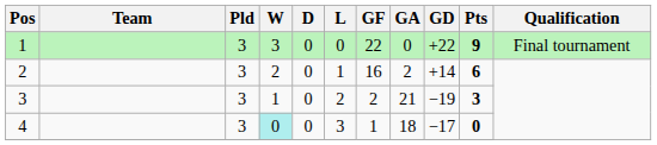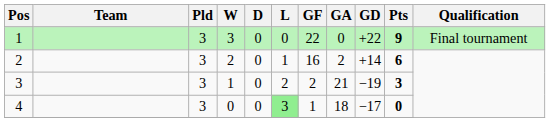 <table class="wikitable" border="1" style="text-align: center;">
 <tr>
 <th width="25"><abbr>Pos</abbr></th>
 <th width="190">Team</th>
 <th width="25"><abbr>Pld</abbr></th>
 <th width="25"><abbr>W</abbr></th>
 <th width="25"><abbr>D</abbr></th>
 <th width="25"><abbr>L</abbr></th>
 <th width="25"><abbr>GF</abbr></th>
 <th width="25"><abbr>GA</abbr></th>
 <th width="25"><abbr>GD</abbr></th>
 <th width="25"><abbr>Pts</abbr></th>
 <th width="150">Qualification</th>
 </tr>
 <tr bgcolor = #BBF3BB>
 <td>1</td>
 <td align="left"></td>
 <td>3</td>
 <td>3</td>
 <td>0</td>
 <td>0</td>
 <td>22</td>
 <td>0</td>
 <td>+22</td>
 <td><strong>9</strong></td>
 <td>Final tournament</td>
 </tr>
 <tr>
 <td>2</td>
 <td align="left"></td>
 <td>3</td>
 <td>2</td>
 <td>0</td>
 <td>1</td>
 <td>16</td>
 <td>2</td>
 <td>+14</td>
 <td><strong>6</strong></td>
 </tr>
 <tr>
 <td>3</td>
 <td align="left"></td>
 <td>3</td>
 <td>1</td>
 <td>0</td>
 <td>2</td>
 <td>2</td>
 <td>21</td>
 <td>−19</td>
 <td><strong>3</strong></td>
 </tr>
 <tr>
 <td>4</td>
 <td align="left"></td>
 <td>3</td>
-<td style="background: paleturquoise;">0</td>
 <td>0</td>
-<td>3</td>
+<td>0</td>
+<td style="background: lightgreen;">3</td>
 <td>1</td>
 <td>18</td>
 <td>−17</td>
 <td><strong>0</strong></td>
 </tr>
 <tr>
 </tr>
 </table>
